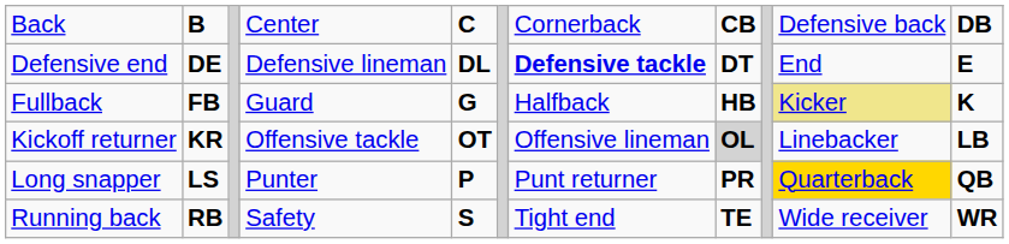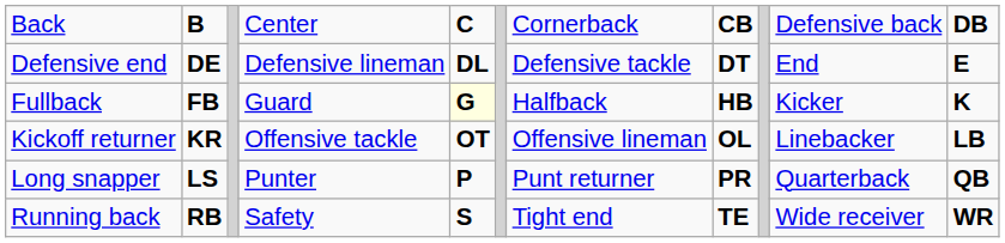 <table class="wikitable collapsible collapsed">
 <tr>
 <td><a href='#'>Back</a></td>
 <td><strong>B</strong></td>
 <td rowSpan="6" style="background-color:lightgrey;"></td>
 <td><a href='#'>Center</a></td>
 <td><strong>C</strong></td>
 <td rowSpan="6" style="background-color:lightgrey;"></td>
 <td><a href='#'>Cornerback</a></td>
 <td><strong>CB</strong></td>
 <td rowSpan="6" style="background-color:lightgrey;"></td>
 <td><a href='#'>Defensive back</a></td>
 <td><strong>DB</strong></td>
 </tr>
 <tr>
 <td><a href='#'>Defensive end</a></td>
 <td><strong>DE</strong></td>
 <td><a href='#'>Defensive lineman</a></td>
 <td><strong>DL</strong></td>
-<td><strong><a href='#'>Defensive tackle</a></strong></td>
+<td><a href='#'>Defensive tackle</a></td>
 <td><strong>DT</strong></td>
 <td><a href='#'>End</a></td>
 <td><strong>E</strong></td>
 </tr>
 <tr>
 <td><a href='#'>Fullback</a></td>
 <td><strong>FB</strong></td>
 <td><a href='#'>Guard</a></td>
-<td><strong>G</strong></td>
+<td style="background: lightyellow;"><strong>G</strong></td>
 <td><a href='#'>Halfback</a></td>
 <td><strong>HB</strong></td>
-<td style="background: khaki;"><a href='#'>Kicker</a></td>
+<td><a href='#'>Kicker</a></td>
 <td><strong>K</strong></td>
 </tr>
 <tr>
 <td><a href='#'>Kickoff returner</a></td>
 <td><strong>KR</strong></td>
 <td><a href='#'>Offensive tackle</a></td>
 <td><strong>OT</strong></td>
 <td><a href='#'>Offensive lineman</a></td>
-<td style="background: lightgrey;"><strong>OL</strong></td>
+<td><strong>OL</strong></td>
 <td><a href='#'>Linebacker</a></td>
 <td><strong>LB</strong></td>
 </tr>
 <tr>
 <td><a href='#'>Long snapper</a></td>
 <td><strong>LS</strong></td>
 <td><a href='#'>Punter</a></td>
 <td><strong>P</strong></td>
 <td><a href='#'>Punt returner</a></td>
 <td><strong>PR</strong></td>
-<td style="background: gold;"><a href='#'>Quarterback</a></td>
+<td><a href='#'>Quarterback</a></td>
 <td><strong>QB</strong></td>
 </tr>
 <tr>
 <td><a href='#'>Running back</a></td>
 <td><strong>RB</strong></td>
 <td><a href='#'>Safety</a></td>
 <td><strong>S</strong></td>
 <td><a href='#'>Tight end</a></td>
 <td><strong>TE</strong></td>
 <td><a href='#'>Wide receiver</a></td>
 <td><strong>WR</strong></td>
 </tr>
 </table>
